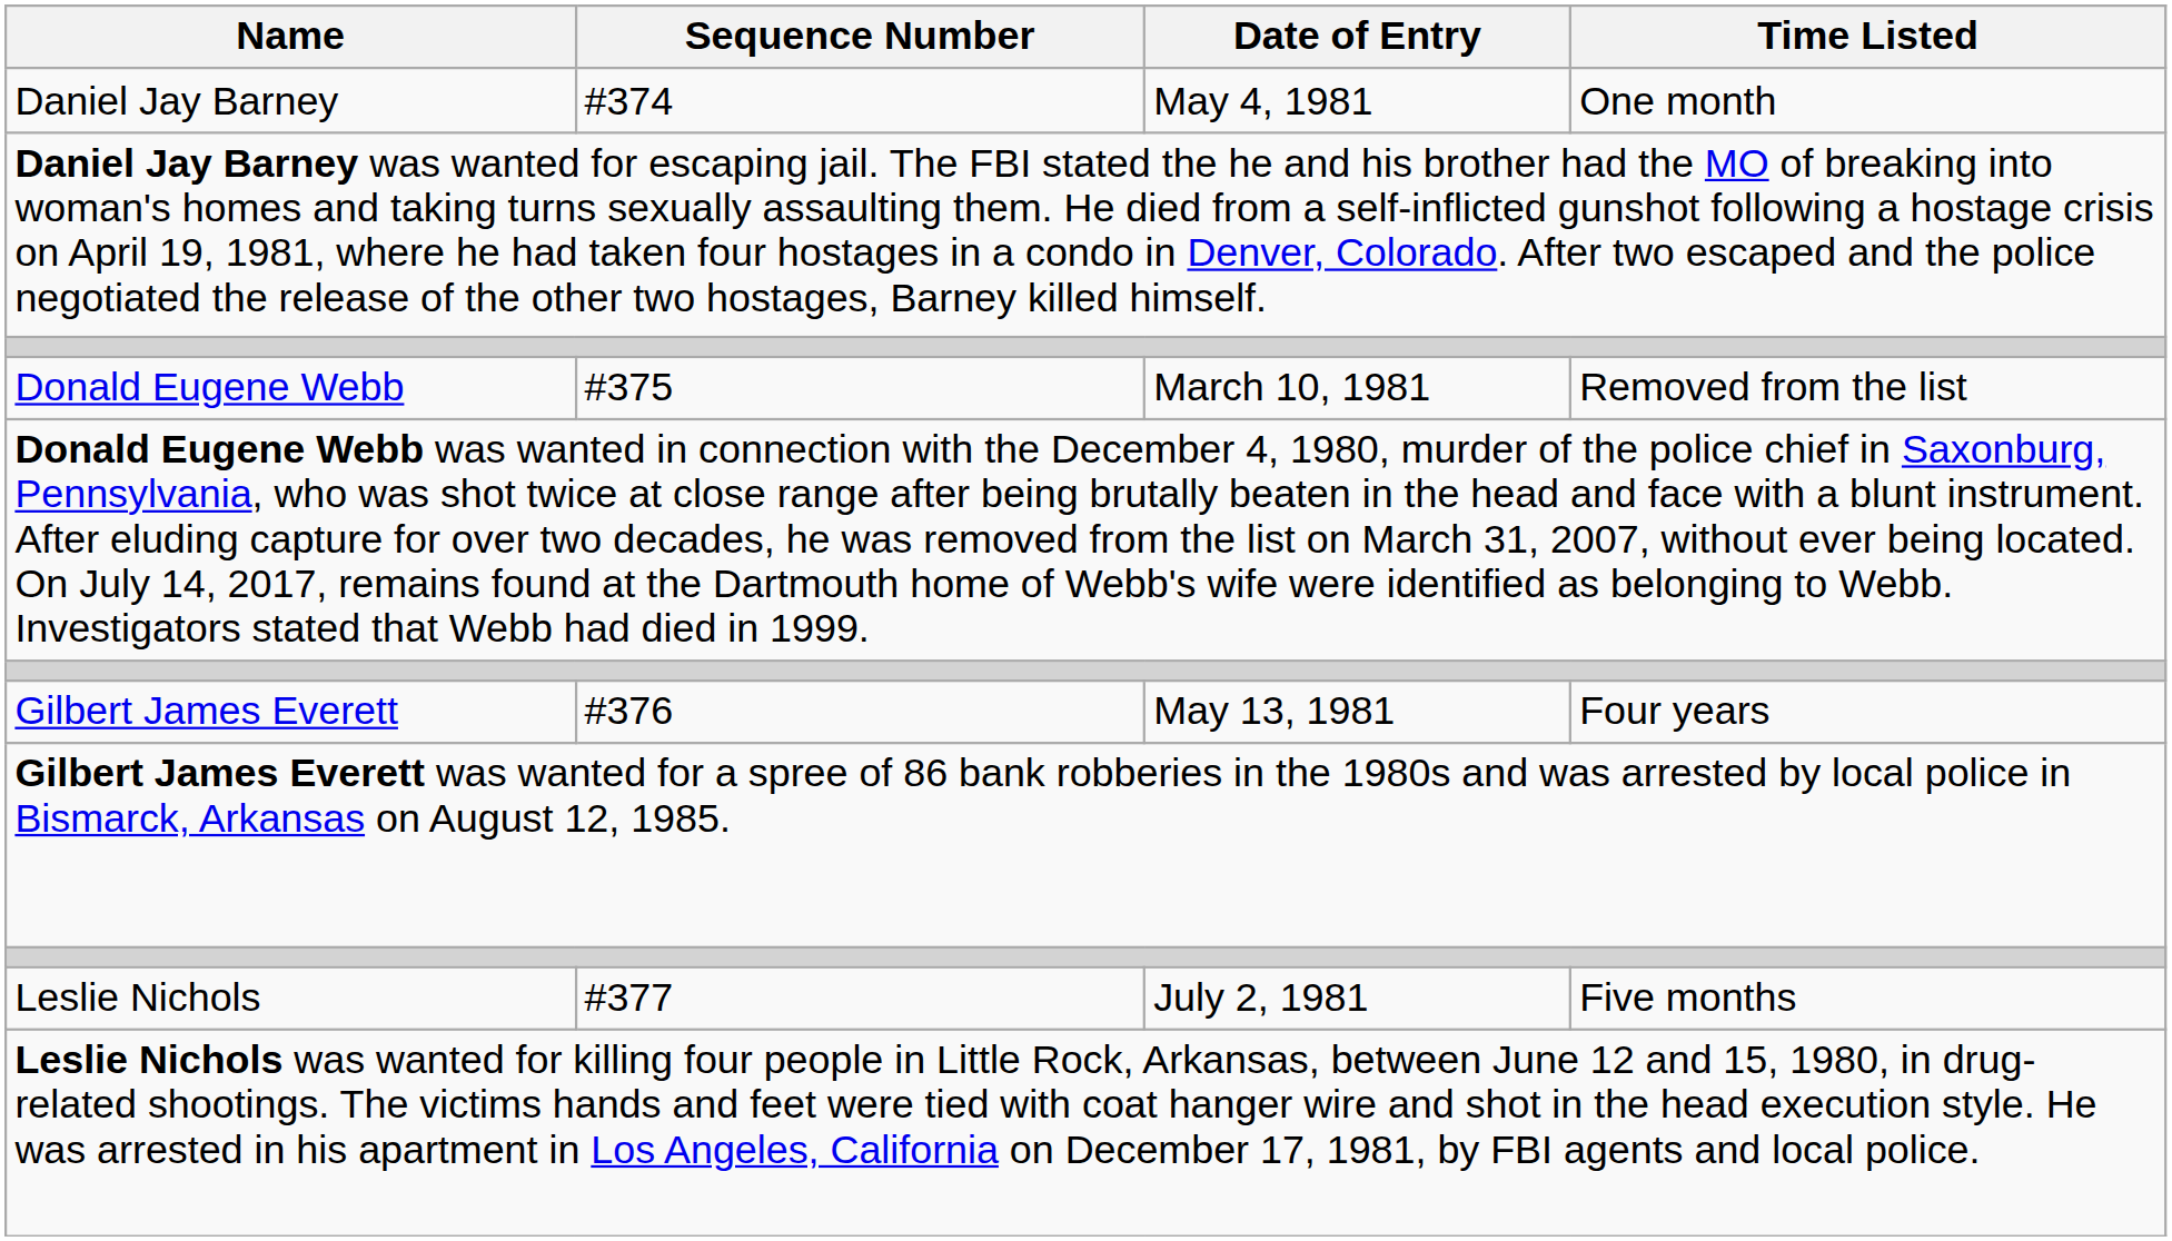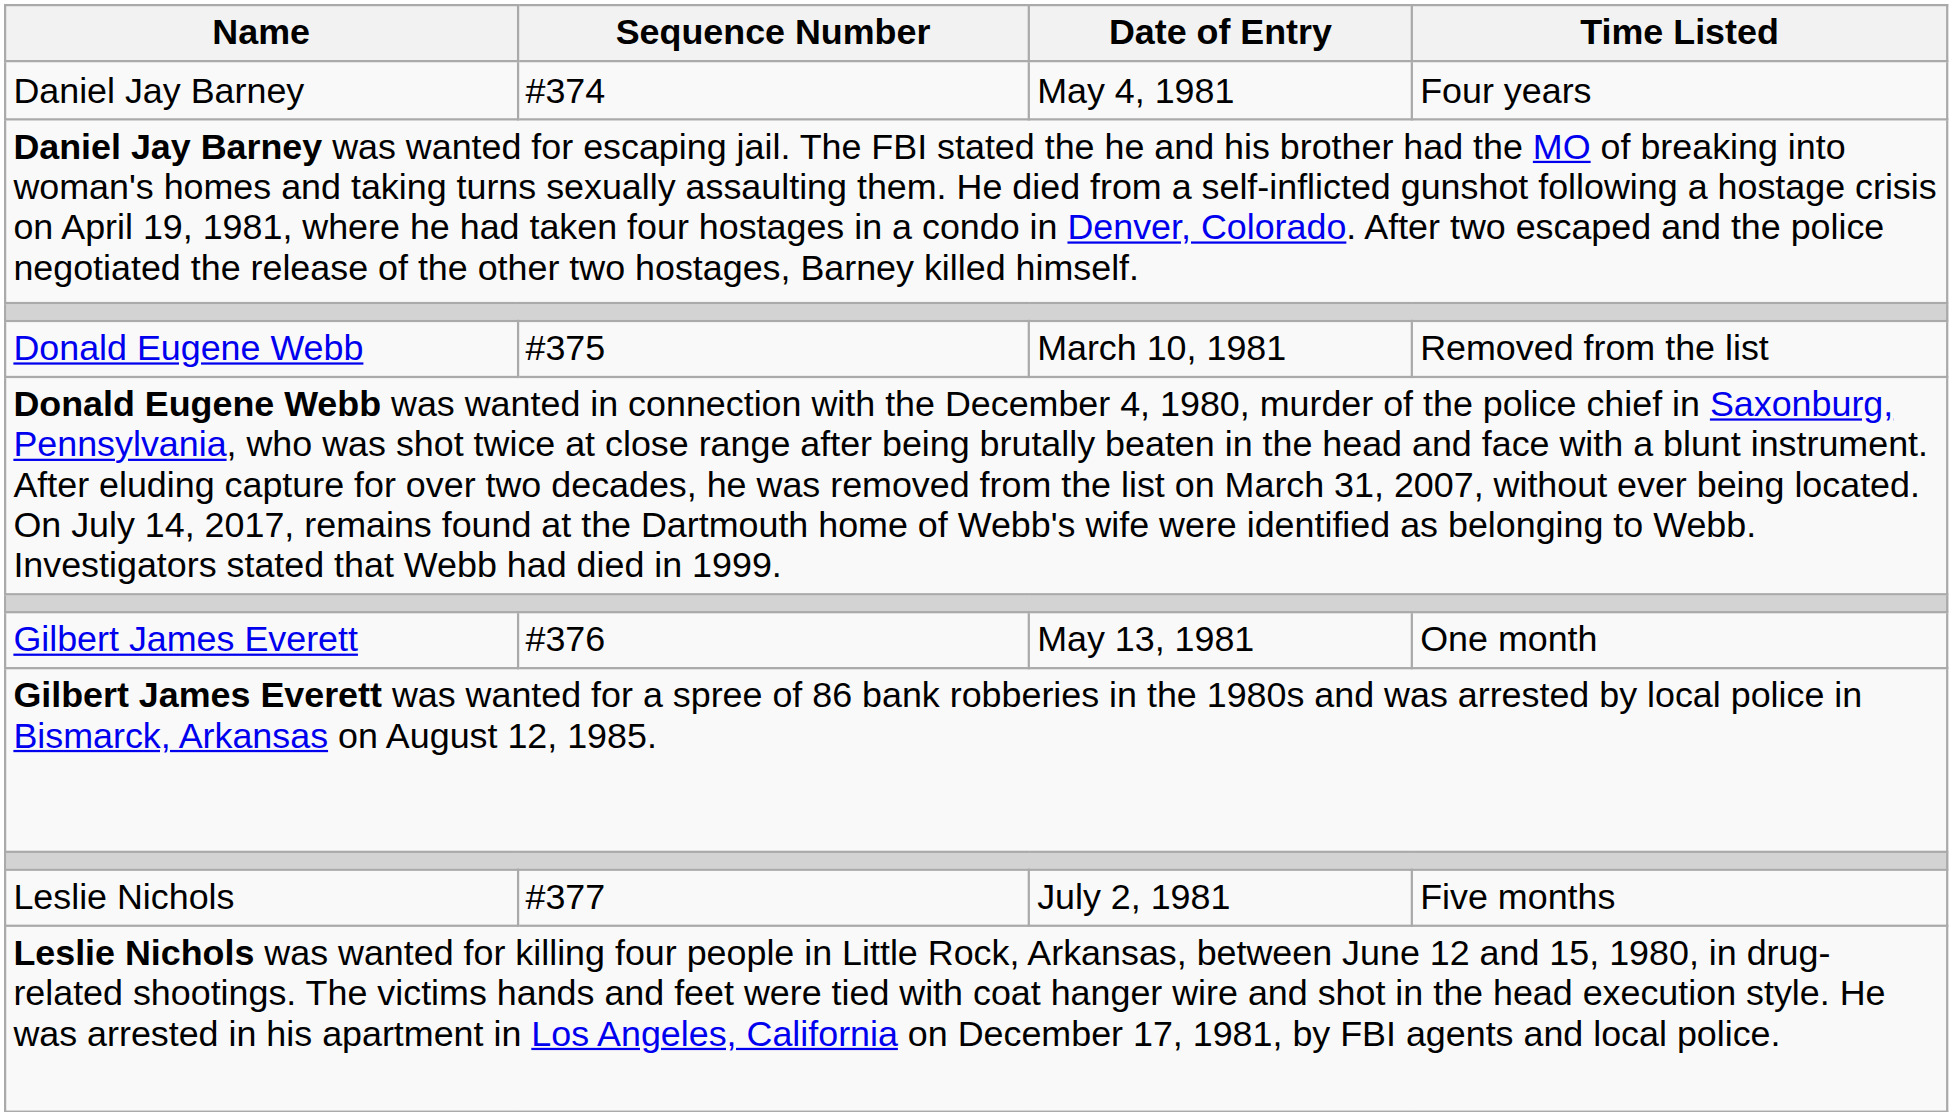 <table class="wikitable">
 <tr>
 <th>Name</th>
 <th>Sequence Number</th>
 <th>Date of Entry</th>
 <th>Time Listed</th>
 </tr>
 <tr>
 <td height="10">Daniel Jay Barney</td>
 <td>#374</td>
 <td>May 4, 1981</td>
-<td>One month</td>
+<td>Four years</td>
 </tr>
 <tr>
 <td colspan="4" valign="top" height="75"><strong>Daniel Jay Barney</strong> was wanted for escaping jail. The FBI stated the he and his brother had the <a href='#'>MO</a> of breaking into woman's homes and taking turns sexually assaulting them. He died from a self-inflicted gunshot following a hostage crisis on April 19, 1981, where he had taken four hostages in a condo in <a href='#'>Denver, Colorado</a>. After two escaped and the police negotiated the release of the other two hostages, Barney killed himself.</td>
 </tr>
 <tr>
 <td colSpan="4" style="background-color:lightgrey;"></td>
 </tr>
 <tr>
 <td height="10"><a href='#'>Donald Eugene Webb</a></td>
 <td>#375</td>
 <td>March 10, 1981</td>
 <td>Removed from the list</td>
 </tr>
 <tr>
 <td colspan="4" valign="top" height="75"><strong>Donald Eugene Webb</strong> was wanted in connection with the December 4, 1980, murder of the police chief in <a href='#'>Saxonburg, Pennsylvania</a>, who was shot twice at close range after being brutally beaten in the head and face with a blunt instrument. After eluding capture for over two decades, he was removed from the list on March 31, 2007, without ever being located. On July 14, 2017, remains found at the Dartmouth home of Webb's wife were identified as belonging to Webb. Investigators stated that Webb had died in 1999.</td>
 </tr>
 <tr>
 <td colSpan="4" style="background-color:lightgrey;"></td>
 </tr>
 <tr>
 <td height="10"><a href='#'>Gilbert James Everett</a></td>
 <td>#376</td>
 <td>May 13, 1981</td>
-<td>Four years</td>
+<td>One month</td>
 </tr>
 <tr>
 <td colspan="4" valign="top" height="75"><strong>Gilbert James Everett</strong> was wanted for a spree of 86 bank robberies in the 1980s and was arrested by local police in <a href='#'>Bismarck, Arkansas</a> on August 12, 1985.</td>
 </tr>
 <tr>
 <td colSpan="4" style="background-color:lightgrey;"></td>
 </tr>
 <tr>
 <td height="10">Leslie Nichols</td>
 <td>#377</td>
 <td>July 2, 1981</td>
 <td>Five months</td>
 </tr>
 <tr>
 <td colspan="4" valign="top" height="75"><strong>Leslie Nichols</strong> was wanted for killing four people in Little Rock, Arkansas, between June 12 and 15, 1980, in drug-related shootings. The victims hands and feet were tied with coat hanger wire and shot in the head execution style. He was arrested in his apartment in <a href='#'>Los Angeles, California</a> on December 17, 1981, by FBI agents and local police.</td>
 </tr>
 </table>
